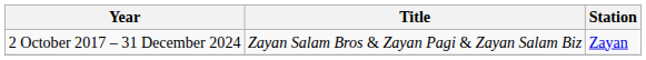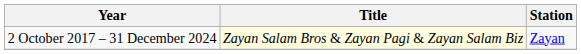 <table class="wikitable">
 <tr>
 <th>Year</th>
 <th>Title</th>
 <th>Station</th>
 </tr>
 <tr>
 <td>2 October 2017 – 31 December 2024</td>
-<td><em>Zayan Salam Bros</em> & <em>Zayan Pagi</em> & <em>Zayan Salam Biz</em></td>
+<td style="background: lightyellow;"><em>Zayan Salam Bros</em> & <em>Zayan Pagi</em> & <em>Zayan Salam Biz</em></td>
 <td><a href='#'>Zayan</a></td>
 </tr>
 <tr>
 </tr>
 </table>
